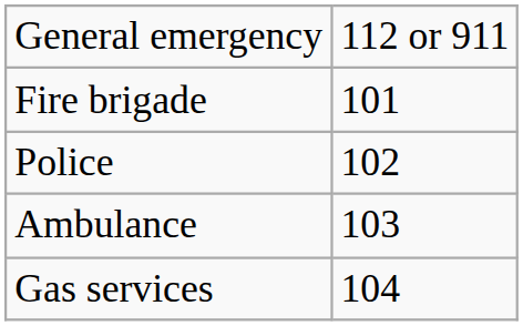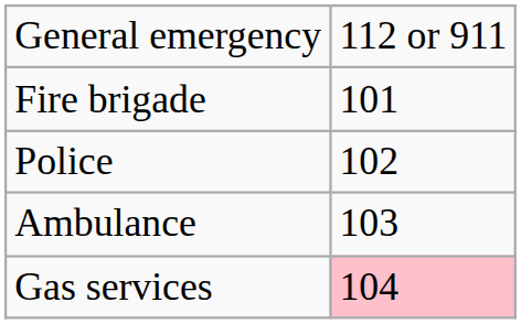 <table class="wikitable">
 <tr>
 <td>General emergency</td>
 <td>112 or 911</td>
 </tr>
 <tr>
 <td>Fire brigade</td>
 <td>101</td>
 </tr>
 <tr>
 <td>Police</td>
 <td>102</td>
 </tr>
 <tr>
 <td>Ambulance</td>
 <td>103</td>
 </tr>
 <tr>
 <td>Gas services</td>
-<td>104</td>
+<td style="background: pink;">104</td>
 </tr>
 </table>
